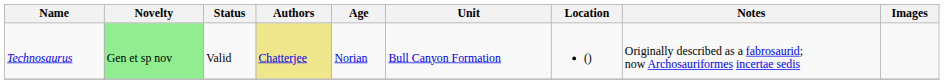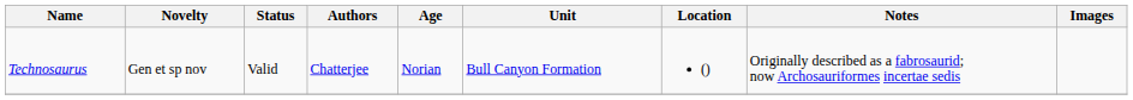 <table class="wikitable sortable" align="center" width="100%">
 <tr>
 <th>Name</th>
 <th>Novelty</th>
 <th>Status</th>
 <th>Authors</th>
 <th>Age</th>
 <th>Unit</th>
 <th>Location</th>
 <th>Notes</th>
 <th>Images</th>
 </tr>
 <tr>
 <td><br><em><a href='#'>Technosaurus</a></em></td>
-<td style="background: lightgreen;"><br>Gen et sp nov</td>
+<td><br>Gen et sp nov</td>
 <td><br>Valid</td>
-<td style="background: khaki;"><br><a href='#'>Chatterjee</a></td>
+<td><br><a href='#'>Chatterjee</a></td>
 <td><br><a href='#'>Norian</a></td>
 <td><br><a href='#'>Bull Canyon Formation</a></td>
 <td><br><ul><li> ()</li></ul></td>
 <td><br>Originally described as a <a href='#'>fabrosaurid</a>;<br> now <a href='#'>Archosauriformes</a> <a href='#'>incertae sedis</a></td>
 <td></td>
 </tr>
 <tr>
 </tr>
 </table>
